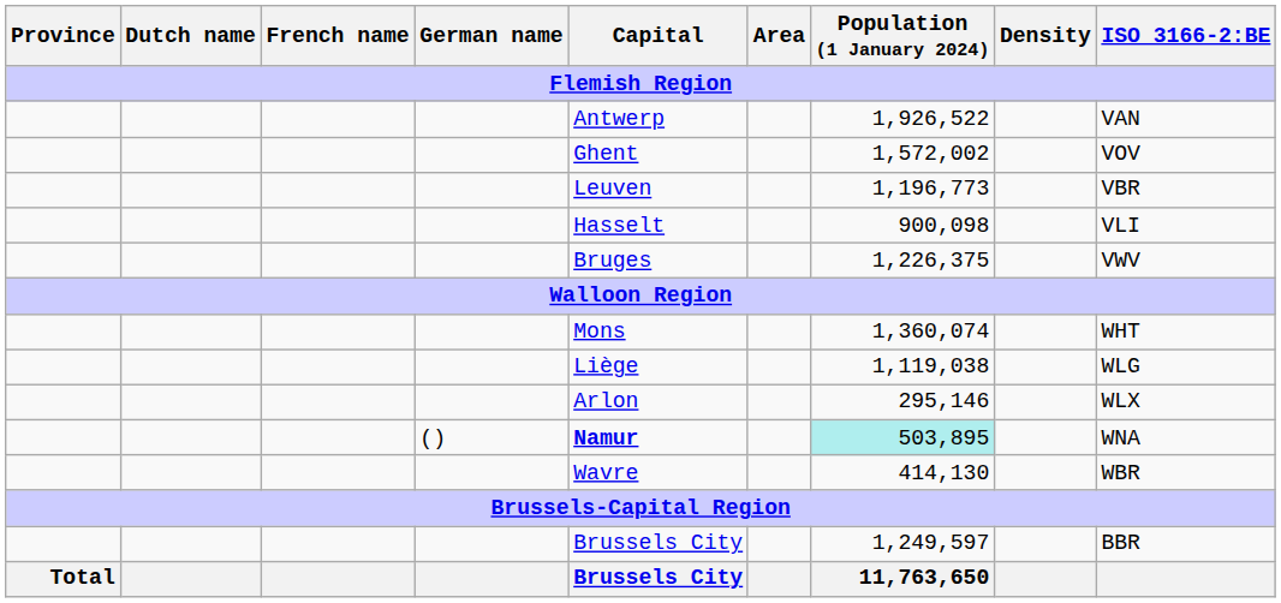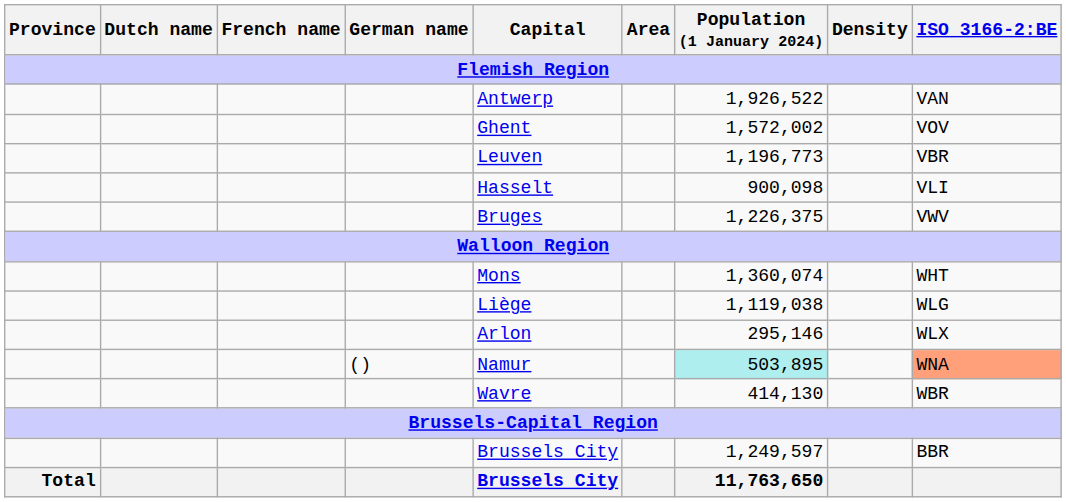 <table class="wikitable sortable" style="vertical-align:top;">
 <tr>
 <th>Province</th>
 <th>Dutch name</th>
 <th>French name</th>
 <th>German name</th>
 <th>Capital</th>
 <th>Area</th>
 <th>Population<br><small>(1 January 2024)</small></th>
 <th>Density</th>
 <th><a href='#'>ISO 3166-2:BE</a><br></th>
 </tr>
 <tr>
 <th colspan="11" style="background:#ccf;"><a href='#'>Flemish Region</a></th>
 </tr>
 <tr>
 <td></td>
 <td><strong></strong></td>
 <td></td>
 <td></td>
 <td><a href='#'>Antwerp</a></td>
 <td></td>
 <td style="text-align:right;">1,926,522</td>
 <td></td>
 <td>VAN</td>
 </tr>
 <tr>
 <td></td>
 <td><strong></strong></td>
 <td></td>
 <td></td>
 <td><a href='#'>Ghent</a></td>
 <td></td>
 <td style="text-align:right;">1,572,002</td>
 <td></td>
 <td>VOV</td>
 </tr>
 <tr>
 <td></td>
 <td><strong></strong></td>
 <td></td>
 <td></td>
 <td><a href='#'>Leuven</a></td>
 <td></td>
 <td style="text-align:right;">1,196,773</td>
 <td></td>
 <td>VBR</td>
 </tr>
 <tr>
 <td></td>
 <td><strong></strong></td>
 <td></td>
 <td></td>
 <td><a href='#'>Hasselt</a></td>
 <td></td>
 <td style="text-align:right;">900,098</td>
 <td></td>
 <td>VLI</td>
 </tr>
 <tr>
 <td></td>
 <td><strong></strong></td>
 <td></td>
 <td></td>
 <td><a href='#'>Bruges</a></td>
 <td></td>
 <td style="text-align:right;">1,226,375</td>
 <td></td>
 <td>VWV</td>
 </tr>
 <tr>
 <th colspan="11" style="background:#ccf;"><a href='#'>Walloon Region</a></th>
 </tr>
 <tr>
 <td></td>
 <td></td>
 <td><strong></strong></td>
 <td></td>
 <td><a href='#'>Mons</a></td>
 <td></td>
 <td style="text-align:right;">1,360,074</td>
 <td></td>
 <td>WHT</td>
 </tr>
 <tr>
 <td></td>
 <td></td>
 <td><strong></strong></td>
 <td><strong></strong></td>
 <td><a href='#'>Liège</a></td>
 <td></td>
 <td style="text-align:right;">1,119,038</td>
 <td></td>
 <td>WLG</td>
 </tr>
 <tr>
 <td></td>
 <td></td>
 <td><strong></strong></td>
 <td></td>
 <td><a href='#'>Arlon</a></td>
 <td></td>
 <td style="text-align:right;">295,146</td>
 <td></td>
 <td>WLX</td>
 </tr>
 <tr>
 <td></td>
 <td></td>
 <td><strong></strong></td>
 <td> ()</td>
-<td><strong><a href='#'>Namur</a></strong></td>
+<td><a href='#'>Namur</a></td>
 <td></td>
 <td style="background: paleturquoise; text-align:right;">503,895</td>
 <td></td>
-<td>WNA</td>
+<td style="background: lightsalmon;">WNA</td>
 </tr>
 <tr>
 <td></td>
 <td></td>
 <td><strong></strong></td>
 <td></td>
 <td><a href='#'>Wavre</a></td>
 <td></td>
 <td style="text-align:right;">414,130</td>
 <td></td>
 <td>WBR</td>
 </tr>
 <tr>
 <th colspan="11" style="background:#ccf;"><a href='#'>Brussels-Capital Region</a></th>
 </tr>
 <tr>
 <td></td>
 <td></td>
 <td></td>
 <td></td>
 <td><a href='#'>Brussels City</a></td>
 <td></td>
 <td style="text-align:right;">1,249,597</td>
 <td></td>
 <td>BBR</td>
 </tr>
 <tr class="sortbottom">
 <th style="text-align:right;">Total</th>
 <th></th>
 <th></th>
 <th></th>
 <th><a href='#'>Brussels City</a></th>
 <th style="text-align:right;"></th>
 <th style="text-align:right;">11,763,650</th>
 <th style="text-align:right;"></th>
 <th></th>
 </tr>
 </table>
